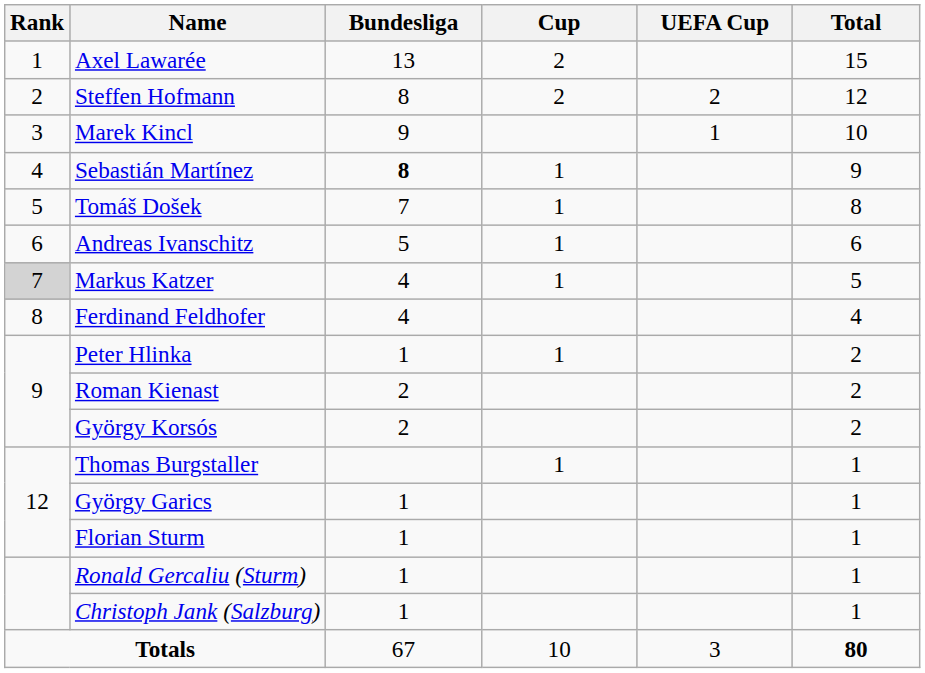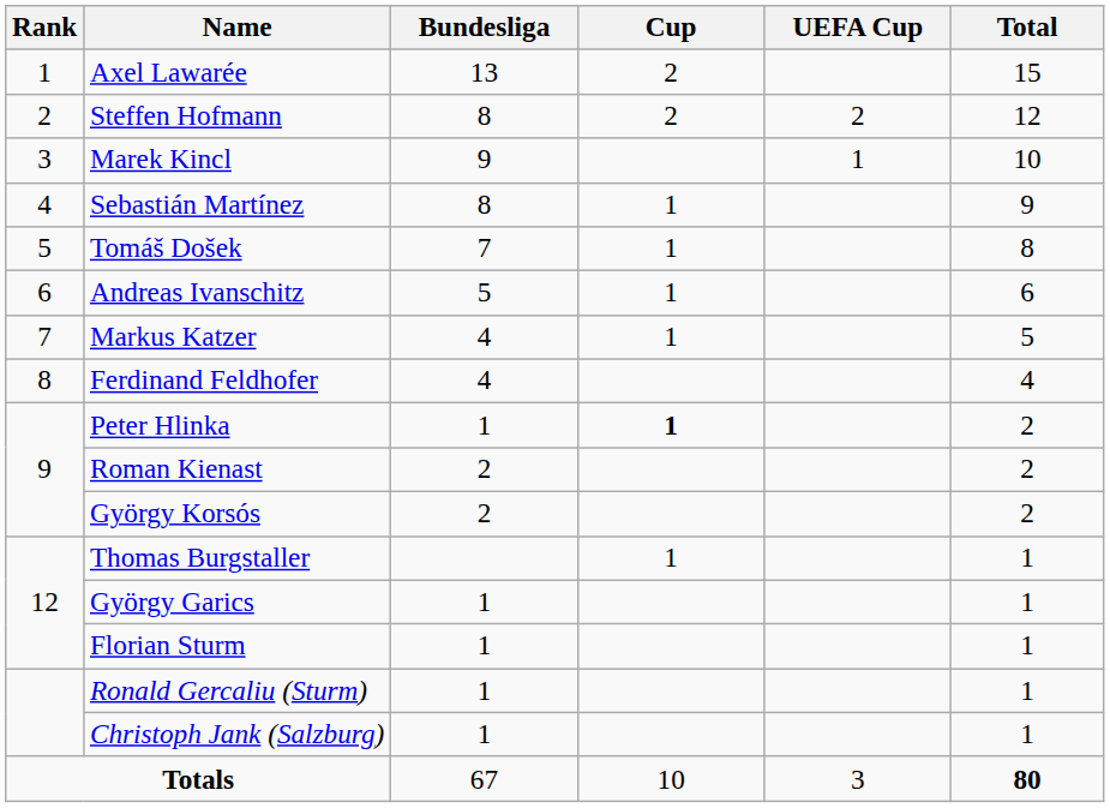 <table class="wikitable" style="text-align: center;">
 <tr>
 <th>Rank</th>
 <th>Name</th>
 <th width=100>Bundesliga</th>
 <th width=100>Cup</th>
 <th width=100>UEFA Cup</th>
 <th width=80><strong>Total</strong></th>
 </tr>
 <tr>
 <td>1</td>
 <td align="left"> <a href='#'>Axel Lawarée</a></td>
 <td>13</td>
 <td>2</td>
 <td></td>
 <td>15</td>
 </tr>
 <tr>
 <td>2</td>
 <td align="left"> <a href='#'>Steffen Hofmann</a></td>
 <td>8</td>
 <td>2</td>
 <td>2</td>
 <td>12</td>
 </tr>
 <tr>
 <td>3</td>
 <td align="left"> <a href='#'>Marek Kincl</a></td>
 <td>9</td>
 <td></td>
 <td>1</td>
 <td>10</td>
 </tr>
 <tr>
 <td>4</td>
 <td align="left"> <a href='#'>Sebastián Martínez</a></td>
-<td><strong>8</strong></td>
+<td>8</td>
 <td>1</td>
 <td></td>
 <td>9</td>
 </tr>
 <tr>
 <td>5</td>
 <td align="left"> <a href='#'>Tomáš Došek</a></td>
 <td>7</td>
 <td>1</td>
 <td></td>
 <td>8</td>
 </tr>
 <tr>
 <td>6</td>
 <td align="left"> <a href='#'>Andreas Ivanschitz</a></td>
 <td>5</td>
 <td>1</td>
 <td></td>
 <td>6</td>
 </tr>
 <tr>
-<td style="background: lightgrey;">7</td>
+<td>7</td>
 <td align="left"> <a href='#'>Markus Katzer</a></td>
 <td>4</td>
 <td>1</td>
 <td></td>
 <td>5</td>
 </tr>
 <tr>
 <td>8</td>
 <td align="left"> <a href='#'>Ferdinand Feldhofer</a></td>
 <td>4</td>
 <td></td>
 <td></td>
 <td>4</td>
 </tr>
 <tr>
 <td rowspan="3">9</td>
 <td align="left"> <a href='#'>Peter Hlinka</a></td>
 <td>1</td>
-<td>1</td>
+<td><strong>1</strong></td>
 <td></td>
 <td>2</td>
 </tr>
 <tr>
 <td align="left"> <a href='#'>Roman Kienast</a></td>
 <td>2</td>
 <td></td>
 <td></td>
 <td>2</td>
 </tr>
 <tr>
 <td align="left"> <a href='#'>György Korsós</a></td>
 <td>2</td>
 <td></td>
 <td></td>
 <td>2</td>
 </tr>
 <tr>
 <td rowspan="3">12</td>
 <td align="left"> <a href='#'>Thomas Burgstaller</a></td>
 <td></td>
 <td>1</td>
 <td></td>
 <td>1</td>
 </tr>
 <tr>
 <td align="left"> <a href='#'>György Garics</a></td>
 <td>1</td>
 <td></td>
 <td></td>
 <td>1</td>
 </tr>
 <tr>
 <td align="left"> <a href='#'>Florian Sturm</a></td>
 <td>1</td>
 <td></td>
 <td></td>
 <td>1</td>
 </tr>
 <tr>
 <td rowspan="2"></td>
 <td align="left"> <em><a href='#'>Ronald Gercaliu</a> (<a href='#'>Sturm</a>)</em></td>
 <td>1</td>
 <td></td>
 <td></td>
 <td>1</td>
 </tr>
 <tr>
 <td align="left"> <em><a href='#'>Christoph Jank</a> (<a href='#'>Salzburg</a>)</em></td>
 <td>1</td>
 <td></td>
 <td></td>
 <td>1</td>
 </tr>
 <tr>
 <td colspan="2"><strong>Totals</strong></td>
 <td>67</td>
 <td>10</td>
 <td>3</td>
 <td><strong>80</strong></td>
 </tr>
 </table>
